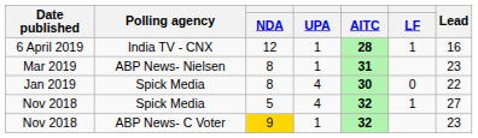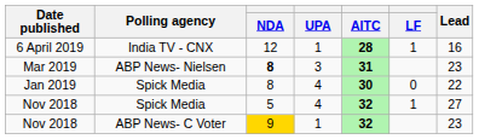 <table class="wikitable sortable" style="text-align:center;font-size:95%;line-height:16px">
 <tr>
 <th rowspan="2" width="100px">Date published</th>
 <th rowspan="2" width="175px">Polling agency</th>
 <th style="background:"></th>
 <th style="background:"></th>
 <th style="background:"></th>
 <th style="background:"></th>
 <th rowspan="2">Lead</th>
 </tr>
 <tr>
 <th width="50px" class="unsortable"><a href='#'>NDA</a></th>
 <th width="50px" class="unsortable"><a href='#'>UPA</a></th>
 <th width="50px" class="unsortable"><a href='#'>AITC</a></th>
 <th width="50px" class="unsortable"><a href='#'>LF</a></th>
 </tr>
 <tr>
 <td>6 April 2019</td>
 <td>India TV - CNX</td>
 <td>12</td>
 <td>1</td>
 <td style="background:#B0F4B0"><strong>28</strong></td>
 <td>1</td>
 <td style="background:">16</td>
 </tr>
 <tr>
 <td>Mar 2019</td>
 <td>ABP News- Nielsen</td>
-<td>8</td>
-<td>1</td>
+<td><strong>8</strong></td>
+<td>3</td>
 <td style="background:#B0F4B0"><strong>31</strong></td>
 <td></td>
 <td style="background:">23</td>
 </tr>
 <tr>
 <td>Jan 2019</td>
 <td>Spick Media</td>
 <td>8</td>
 <td>4</td>
 <td style="background:#B0F4B0"><strong>30</strong></td>
 <td>0</td>
 <td style="background:">22</td>
 </tr>
 <tr>
 <td>Nov 2018</td>
 <td>Spick Media</td>
 <td>5</td>
 <td>4</td>
 <td style="background:#B0F4B0"><strong>32</strong></td>
 <td>1</td>
 <td style="background:">27</td>
 </tr>
 <tr>
 <td>Nov 2018</td>
 <td>ABP News- C Voter</td>
 <td style="background: gold;">9</td>
 <td>1</td>
 <td style="background:#B0F4B0"><strong>32</strong></td>
 <td></td>
 <td style="background:">23</td>
 </tr>
 </table>
